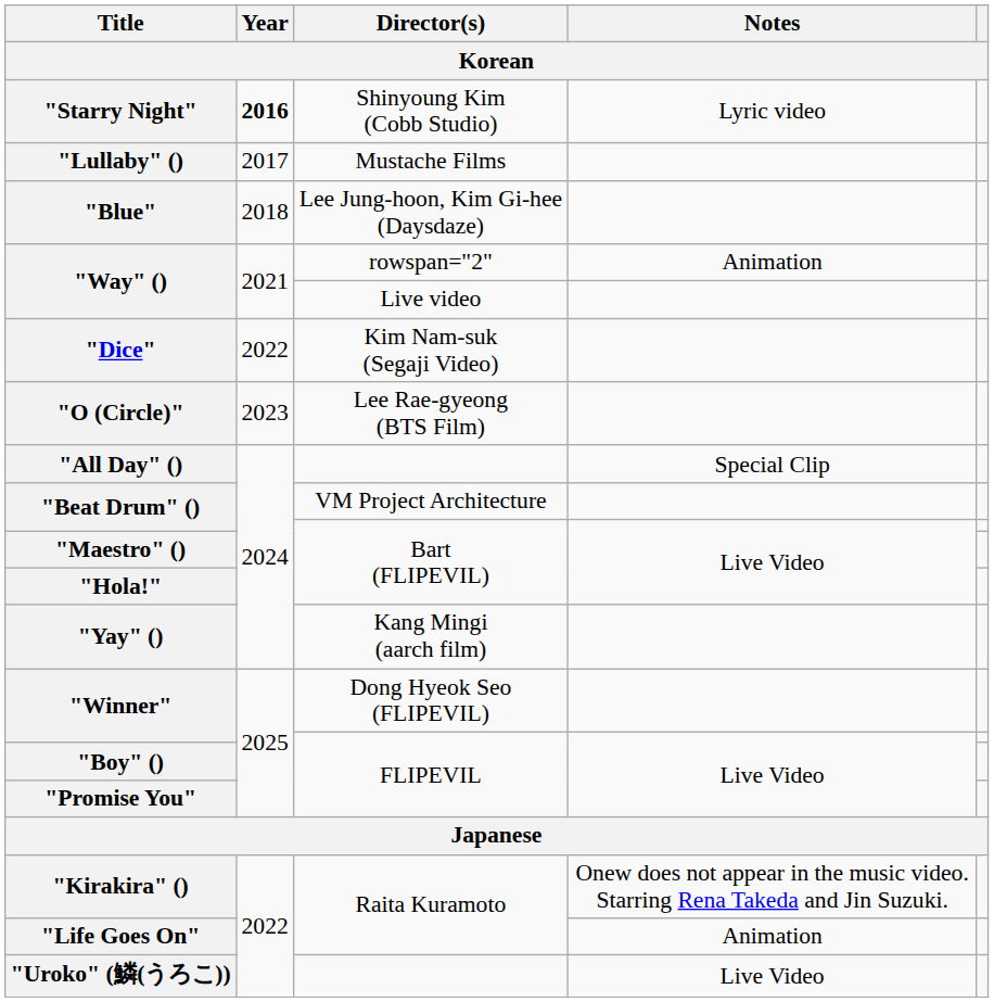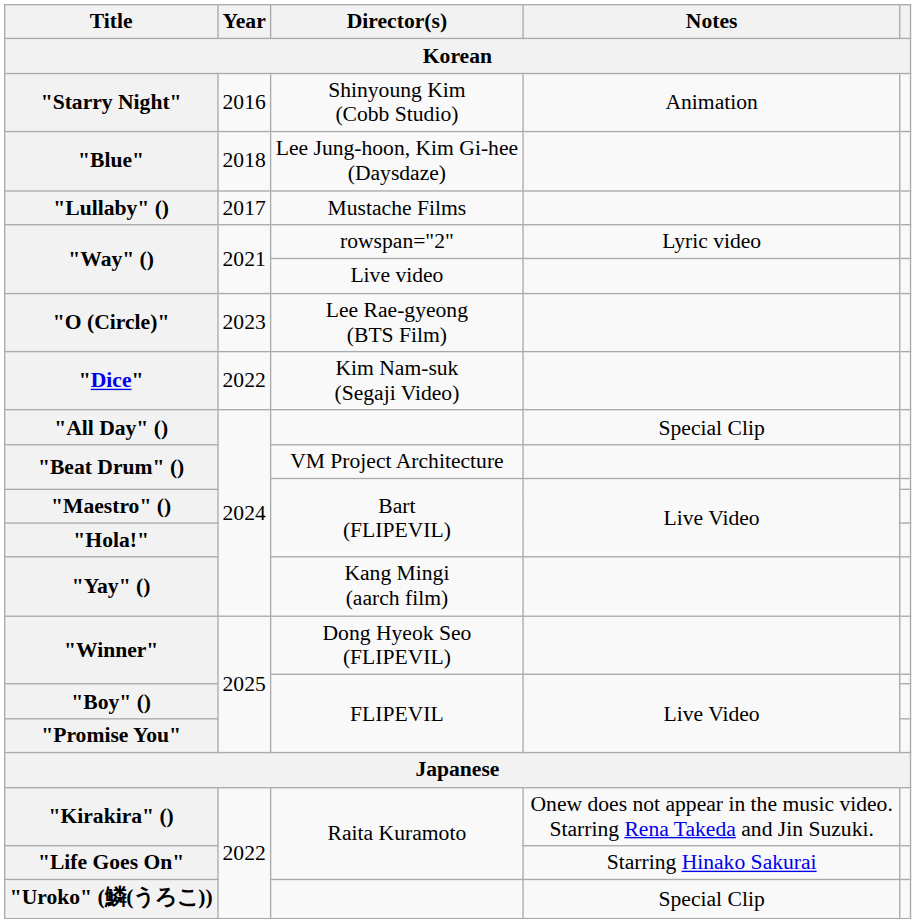 <table class="wikitable plainrowheaders" style="text-align:center;">
 <tr>
 <th scope="col">Title</th>
 <th scope="col">Year</th>
 <th scope="col">Director(s)</th>
 <th scope="col" style="width:17em;">Notes</th>
 <th scope="col"></th>
 </tr>
 <tr>
 <th colspan="5">Korean</th>
 </tr>
 <tr>
 <th scope="row">"Starry Night"<br></th>
-<td><strong>2016</strong></td>
+<td>2016</td>
 <td>Shinyoung Kim<br>(Cobb Studio)</td>
-<td>Lyric video</td>
+<td>Animation</td>
+<td></td>
+</tr>
+<tr>
+<th scope="row">"Blue"</th>
+<td>2018</td>
+<td>Lee Jung-hoon, Kim Gi-hee<br>(Daysdaze)</td>
+<td></td>
 <td></td>
 </tr>
 <tr>
 <th scope="row">"Lullaby" ()<br></th>
 <td>2017</td>
 <td>Mustache Films</td>
 <td></td>
 <td></td>
 </tr>
 <tr>
-<th scope="row">"Blue"</th>
-<td>2018</td>
-<td>Lee Jung-hoon, Kim Gi-hee<br>(Daysdaze)</td>
-<td></td>
-<td></td>
-</tr>
-<tr>
 <th scope="row" rowspan="2">"Way" ()<br></th>
 <td rowspan="2">2021</td>
 <td>rowspan="2" </td>
-<td>Animation</td>
+<td>Lyric video</td>
 <td></td>
 </tr>
 <tr>
 <td>Live video</td>
 <td></td>
 </tr>
 <tr>
-<th scope="row">"<a href='#'>Dice</a>"</th>
-<td>2022</td>
-<td>Kim Nam-suk<br>(Segaji Video)</td>
+<th scope="row">"O (Circle)"</th>
+<td>2023</td>
+<td>Lee Rae-gyeong<br>(BTS Film)</td>
 <td></td>
 <td></td>
 </tr>
 <tr>
-<th scope="row">"O (Circle)"</th>
-<td>2023</td>
-<td>Lee Rae-gyeong<br>(BTS Film)</td>
+<th scope="row">"<a href='#'>Dice</a>"</th>
+<td>2022</td>
+<td>Kim Nam-suk<br>(Segaji Video)</td>
 <td></td>
 <td></td>
 </tr>
 <tr>
 <th scope="row">"All Day" ()</th>
 <td rowspan="6">2024</td>
 <td></td>
 <td>Special Clip</td>
 <td></td>
 </tr>
 <tr>
 <th scope="row" rowspan="2">"Beat Drum" ()</th>
 <td>VM Project Architecture</td>
 <td></td>
 <td></td>
 </tr>
 <tr>
 <td rowspan="3">Bart<br>(FLIPEVIL)</td>
 <td rowspan="3">Live Video</td>
 <td></td>
 </tr>
 <tr>
 <th scope="row">"Maestro" ()</th>
 <td></td>
 </tr>
 <tr>
 <th scope="row">"Hola!"</th>
 <td></td>
 </tr>
 <tr>
 <th scope="row">"Yay" ()</th>
 <td>Kang Mingi<br>(aarch film)</td>
 <td></td>
 <td></td>
 </tr>
 <tr>
 <th scope="row" rowspan="2">"Winner"</th>
 <td rowspan="4">2025</td>
 <td>Dong Hyeok Seo<br>(FLIPEVIL)</td>
 <td></td>
 <td></td>
 </tr>
 <tr>
 <td rowspan="3">FLIPEVIL</td>
 <td rowspan="3">Live Video</td>
 <td></td>
 </tr>
 <tr>
 <th scope="row">"Boy" ()</th>
 <td></td>
 </tr>
 <tr>
 <th scope="row">"Promise You"</th>
 <td></td>
 </tr>
 <tr>
 <th colspan="5">Japanese</th>
 </tr>
 <tr>
 <th scope="row">"Kirakira" ()</th>
 <td rowspan="3">2022</td>
 <td rowspan="2">Raita Kuramoto</td>
 <td>Onew does not appear in the music video. Starring <a href='#'>Rena Takeda</a> and Jin Suzuki.</td>
 <td></td>
 </tr>
 <tr>
 <th scope="row">"Life Goes On"</th>
-<td>Animation</td>
+<td>Starring <a href='#'>Hinako Sakurai</a></td>
 <td></td>
 </tr>
 <tr>
 <th scope="row">"Uroko" (鱗(うろこ))</th>
 <td></td>
-<td>Live Video</td>
+<td>Special Clip</td>
 <td></td>
 </tr>
 </table>
